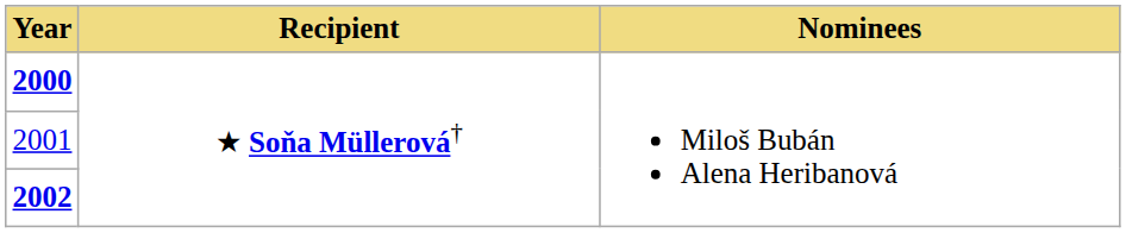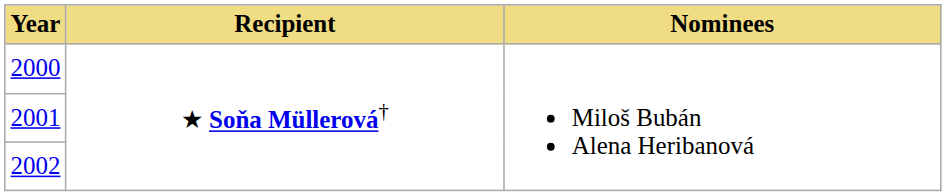 <table class=wikitable sortable style="background:white">
 <tr>
 <th style=background:#F0DC82>Year</th>
 <th style=background:#F0DC82 width=273>Recipient</th>
 <th style=background:#F0DC82 width=273>Nominees</th>
 </tr>
 <tr>
-<td><strong><a href='#'>2000</a></strong></td>
+<td><a href='#'>2000</a></td>
 <td align=center rowspan=3>★ <strong><a href='#'>Soňa Müllerová</a></strong><sup>†</sup> <br></td>
 <td rowspan=3><br><ul><li>Miloš Bubán</li><li>Alena Heribanová</li></ul></td>
 </tr>
 <tr>
 <td><a href='#'>2001</a></td>
 </tr>
 <tr>
-<td><strong><a href='#'>2002</a></strong></td>
+<td><a href='#'>2002</a></td>
 </tr>
 </table>
